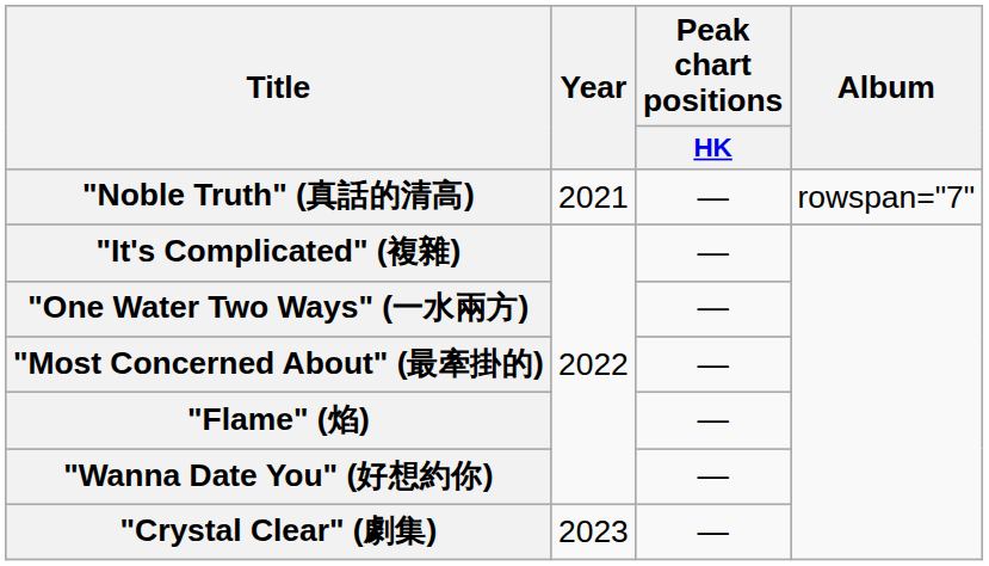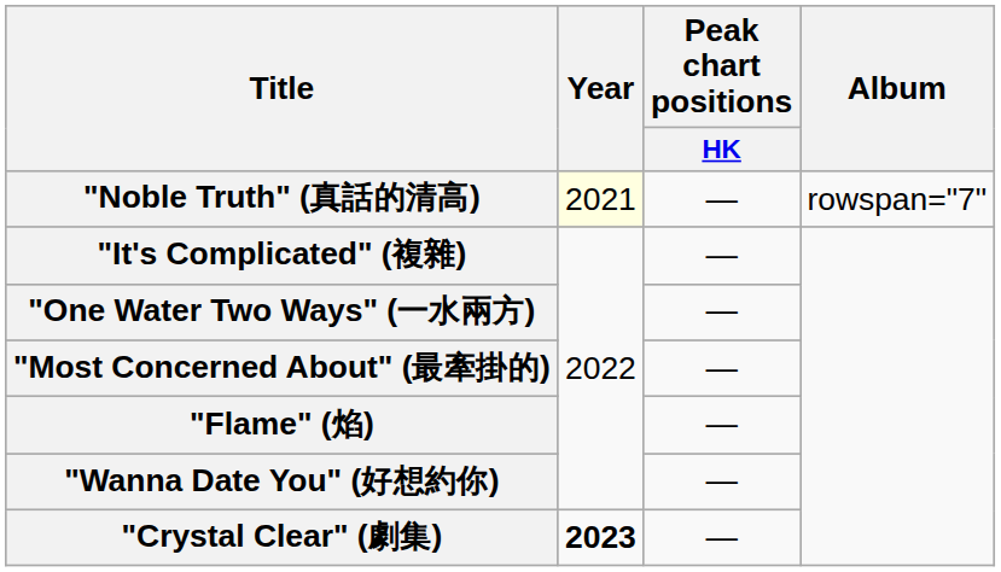 <table class="wikitable plainrowheaders" style="text-align:center;">
 <tr>
 <th rowspan="2" scope="col">Title</th>
 <th rowspan="2" scope="col">Year</th>
 <th scope="col">Peak chart positions</th>
 <th rowspan="2" scope="col">Album</th>
 </tr>
 <tr>
 <th scope="col" style="width:2.5em;font-size:85%"><a href='#'>HK</a><br></th>
 </tr>
 <tr>
 <th scope="row">"Noble Truth" (真話的清高)</th>
-<td>2021</td>
+<td style="background: lightyellow;">2021</td>
 <td>—</td>
 <td>rowspan="7" </td>
 </tr>
 <tr>
 <th scope="row">"It's Complicated" (複雜)</th>
 <td rowspan="5">2022</td>
 <td>—</td>
 </tr>
 <tr>
 <th scope="row">"One Water Two Ways" (一水兩方)</th>
 <td>—</td>
 </tr>
 <tr>
 <th scope="row">"Most Concerned About" (最牽掛的)</th>
 <td>—</td>
 </tr>
 <tr>
 <th scope="row">"Flame" (焰)</th>
 <td>—</td>
 </tr>
 <tr>
 <th scope="row">"Wanna Date You" (好想約你)</th>
 <td>—</td>
 </tr>
 <tr>
 <th scope="row">"Crystal Clear" (劇集)</th>
-<td>2023</td>
+<td><strong>2023</strong></td>
 <td>—</td>
 </tr>
 </table>
